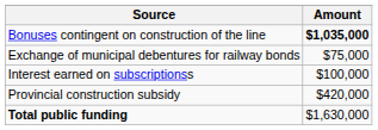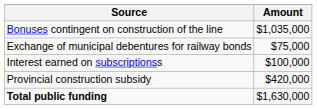 <table class="wikitable">
 <tr>
 </tr>
 <tr>
 <th>Source</th>
 <th>Amount</th>
 </tr>
 <tr align = "right">
 <td align="left"><a href='#'>Bonuses</a> contingent on construction of the line</td>
-<td><strong>$1,035,000</strong></td>
+<td>$1,035,000</td>
 </tr>
 <tr align = "right">
 <td align="left">Exchange of municipal debentures for railway bonds</td>
 <td>$75,000</td>
 </tr>
 <tr align = "right">
 <td align="left">Interest earned on <a href='#'>subscriptions</a>s</td>
 <td>$100,000</td>
 </tr>
 <tr align = "right">
 <td align="left">Provincial construction subsidy</td>
 <td>$420,000</td>
 </tr>
 <tr align = "right">
 <td align="left"><strong>Total public funding</strong></td>
 <td>$1,630,000</td>
 </tr>
 </table>
